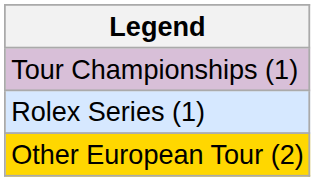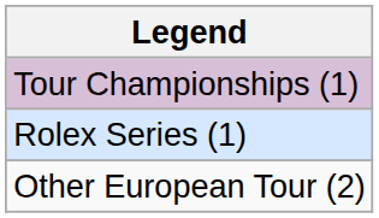 <table class="wikitable" style="font-size:95%;">
 <tr>
 <th>Legend</th>
 </tr>
 <tr style="background:thistle;">
 <td>Tour Championships (1)</td>
 </tr>
 <tr style="background:#D6E8FF;">
 <td>Rolex Series (1)</td>
 </tr>
 <tr>
-<td style="background: gold;">Other European Tour (2)</td>
+<td>Other European Tour (2)</td>
 </tr>
 </table>
